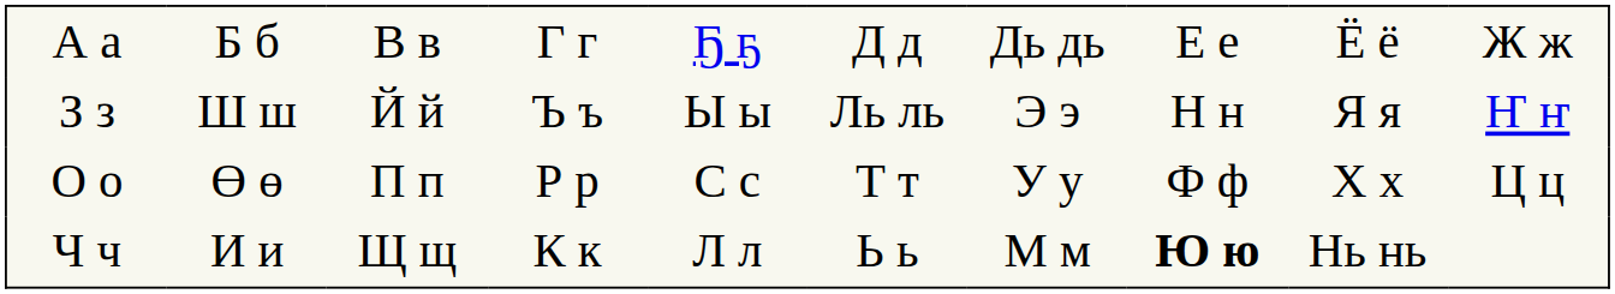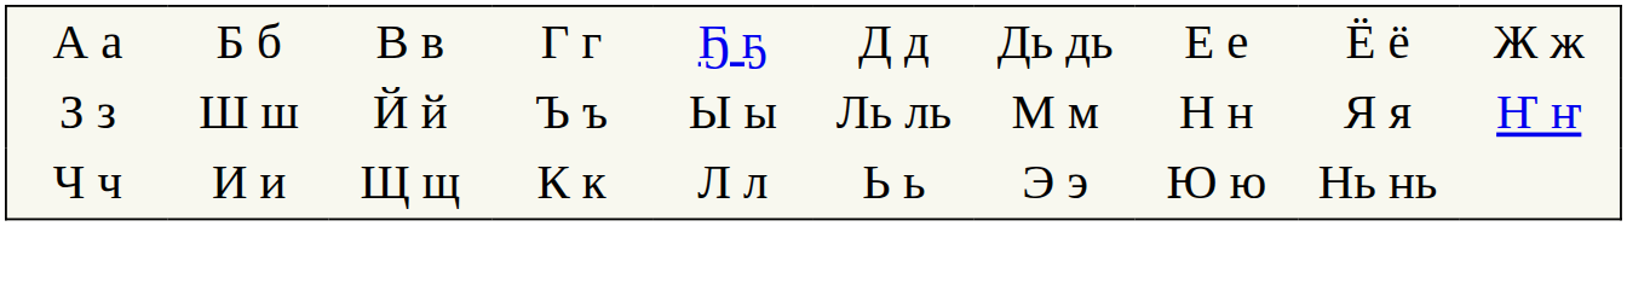 <table style="font-family:Arial Unicode MS; font-size:1.4em; border-color:#000000; border-width:1px; border-style:solid; border-collapse:collapse; background-color:#F8F8EF">
 <tr>
 <td style="width:3em; text-align:center; padding: 3px;">А а</td>
 <td style="width:3em; text-align:center; padding: 3px;">Б б</td>
 <td style="width:3em; text-align:center; padding: 3px;">В в</td>
 <td style="width:3em; text-align:center; padding: 3px;">Г г</td>
 <td style="width:3em; text-align:center; padding: 3px;"><a href='#'>Ҕ ҕ</a></td>
 <td style="width:3em; text-align:center; padding: 3px;">Д д</td>
 <td style="width:3em; text-align:center; padding: 3px;">Дь дь</td>
 <td style="width:3em; text-align:center; padding: 3px;">Е е</td>
 <td style="width:3em; text-align:center; padding: 3px;">Ё ё</td>
 <td style="width:3em; text-align:center; padding: 3px;">Ж ж</td>
 </tr>
 <tr>
 <td style="width:3em; text-align:center; padding: 3px;">З з</td>
 <td style="width:3em; text-align:center; padding: 3px;">Ш ш</td>
 <td style="width:3em; text-align:center; padding: 3px;">Й й</td>
 <td style="width:3em; text-align:center; padding: 3px;">Ъ ъ</td>
 <td style="width:3em; text-align:center; padding: 3px;">Ы ы</td>
 <td style="width:3em; text-align:center; padding: 3px;">Ль ль</td>
-<td style="width:3em; text-align:center; padding: 3px;">Э э</td>
+<td style="width:3em; text-align:center; padding: 3px;">М м</td>
 <td style="width:3em; text-align:center; padding: 3px;">Н н</td>
 <td style="width:3em; text-align:center; padding: 3px;">Я я</td>
 <td style="width:3em; text-align:center; padding: 3px;"><a href='#'>Ҥ ҥ</a></td>
-</tr>
-<tr>
-<td style="width:3em; text-align:center; padding: 3px;">О о</td>
-<td style="width:3em; text-align:center; padding: 3px;">Ө ө</td>
-<td style="width:3em; text-align:center; padding: 3px;">П п</td>
-<td style="width:3em; text-align:center; padding: 3px;">Р р</td>
-<td style="width:3em; text-align:center; padding: 3px;">С с</td>
-<td style="width:3em; text-align:center; padding: 3px;">Т т</td>
-<td style="width:3em; text-align:center; padding: 3px;">У у</td>
-<td style="width:3em; text-align:center; padding: 3px;">Ф ф</td>
-<td style="width:3em; text-align:center; padding: 3px;">Х х</td>
-<td style="width:3em; text-align:center; padding: 3px;">Ц ц</td>
 </tr>
 <tr>
 <td style="width:3em; text-align:center; padding: 3px;">Ч ч</td>
 <td style="width:3em; text-align:center; padding: 3px;">И и</td>
 <td style="width:3em; text-align:center; padding: 3px;">Щ щ</td>
 <td style="width:3em; text-align:center; padding: 3px;">К к</td>
 <td style="width:3em; text-align:center; padding: 3px;">Л л</td>
 <td style="width:3em; text-align:center; padding: 3px;">Ь ь</td>
-<td style="width:3em; text-align:center; padding: 3px;">М м</td>
-<td style="width:3em; text-align:center; padding: 3px;"><strong>Ю ю</strong></td>
+<td style="width:3em; text-align:center; padding: 3px;">Э э</td>
+<td style="width:3em; text-align:center; padding: 3px;">Ю ю</td>
 <td style="width:3em; text-align:center; padding: 3px;">Нь нь</td>
 </tr>
 </table>
